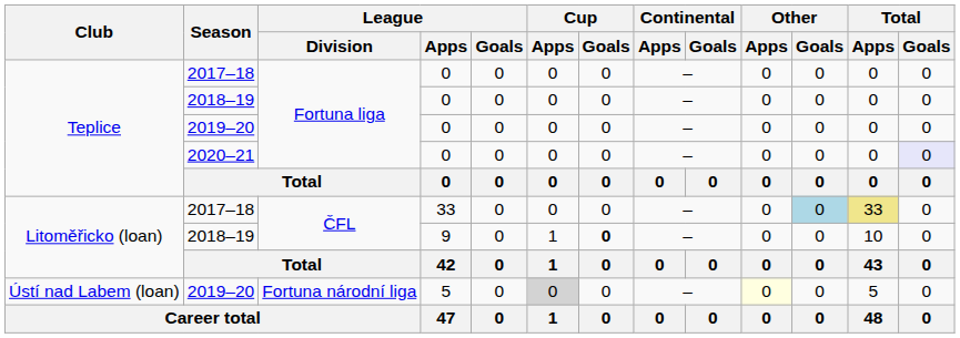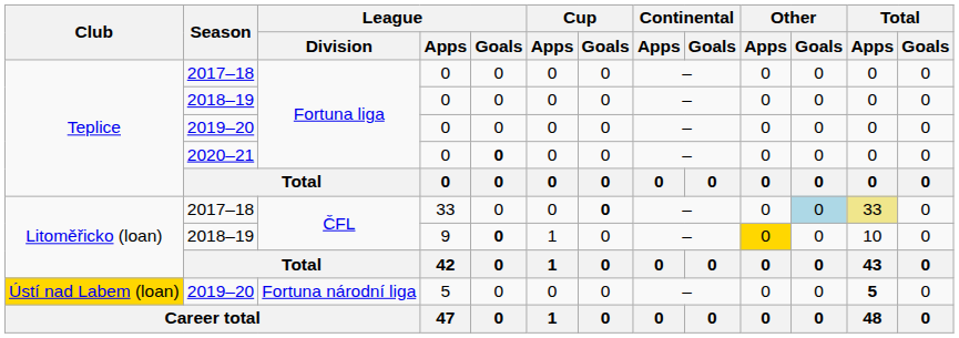 <table class="wikitable" style="text-align: center">
 <tr>
 <th rowspan="2">Club</th>
 <th rowspan="2">Season</th>
 <th colspan="3">League</th>
 <th colspan="2">Cup</th>
 <th colspan="2">Continental</th>
 <th colspan="2">Other</th>
 <th colspan="2">Total</th>
 </tr>
 <tr>
 <th>Division</th>
 <th>Apps</th>
 <th>Goals</th>
 <th>Apps</th>
 <th>Goals</th>
 <th>Apps</th>
 <th>Goals</th>
 <th>Apps</th>
 <th>Goals</th>
 <th>Apps</th>
 <th>Goals</th>
 </tr>
 <tr>
 <td rowspan="5"><a href='#'>Teplice</a></td>
 <td><a href='#'>2017–18</a></td>
 <td rowspan="4"><a href='#'>Fortuna liga</a></td>
 <td>0</td>
 <td>0</td>
 <td>0</td>
 <td>0</td>
 <td colspan="2">–</td>
 <td>0</td>
 <td>0</td>
 <td>0</td>
 <td>0</td>
 </tr>
 <tr>
 <td><a href='#'>2018–19</a></td>
 <td>0</td>
 <td>0</td>
 <td>0</td>
 <td>0</td>
 <td colspan="2">–</td>
 <td>0</td>
 <td>0</td>
 <td>0</td>
 <td>0</td>
 </tr>
 <tr>
 <td><a href='#'>2019–20</a></td>
 <td>0</td>
 <td>0</td>
 <td>0</td>
 <td>0</td>
 <td colspan="2">–</td>
 <td>0</td>
 <td>0</td>
 <td>0</td>
 <td>0</td>
 </tr>
 <tr>
 <td><a href='#'>2020–21</a></td>
 <td>0</td>
-<td>0</td>
+<td><strong>0</strong></td>
 <td>0</td>
 <td>0</td>
 <td colspan="2">–</td>
 <td>0</td>
 <td>0</td>
 <td>0</td>
-<td style="background: lavender;">0</td>
+<td>0</td>
 </tr>
 <tr>
 <th colspan="2"><strong>Total</strong></th>
 <th>0</th>
 <th>0</th>
 <th>0</th>
 <th>0</th>
 <th>0</th>
 <th>0</th>
 <th>0</th>
 <th>0</th>
 <th>0</th>
 <th>0</th>
 </tr>
 <tr>
 <td rowspan="3"><a href='#'>Litoměřicko</a> (loan)</td>
 <td>2017–18</td>
 <td rowspan="2"><a href='#'>ČFL</a></td>
 <td>33</td>
 <td>0</td>
 <td>0</td>
-<td>0</td>
+<td><strong>0</strong></td>
 <td colspan="2">–</td>
 <td>0</td>
 <td style="background: lightblue;">0</td>
 <td style="background: khaki;">33</td>
 <td>0</td>
 </tr>
 <tr>
 <td>2018–19</td>
 <td>9</td>
+<td><strong>0</strong></td>
+<td>1</td>
 <td>0</td>
-<td>1</td>
-<td><strong>0</strong></td>
 <td colspan="2">–</td>
-<td>0</td>
+<td style="background: gold;">0</td>
 <td>0</td>
 <td>10</td>
 <td>0</td>
 </tr>
 <tr>
 <th colspan="2"><strong>Total</strong></th>
 <th>42</th>
 <th>0</th>
 <th>1</th>
 <th>0</th>
 <th>0</th>
 <th>0</th>
 <th>0</th>
 <th>0</th>
 <th>43</th>
 <th>0</th>
 </tr>
 <tr>
-<td><a href='#'>Ústí nad Labem</a> (loan)</td>
+<td style="background: gold;"><a href='#'>Ústí nad Labem</a> (loan)</td>
 <td><a href='#'>2019–20</a></td>
 <td><a href='#'>Fortuna národní liga</a></td>
 <td>5</td>
 <td>0</td>
-<td style="background: lightgrey;">0</td>
+<td>0</td>
 <td>0</td>
 <td colspan="2">–</td>
-<td style="background: lightyellow;">0</td>
 <td>0</td>
-<td>5</td>
+<td>0</td>
+<td><strong>5</strong></td>
 <td>0</td>
 </tr>
 <tr>
 <th colspan="3"><strong>Career total</strong></th>
 <th>47</th>
 <th>0</th>
 <th>1</th>
 <th>0</th>
 <th>0</th>
 <th>0</th>
 <th>0</th>
 <th>0</th>
 <th>48</th>
 <th>0</th>
 </tr>
 </table>
